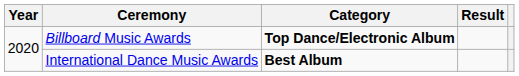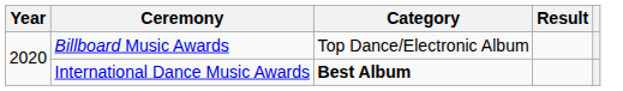 <table class="wikitable plainrowheaders">
 <tr>
 <th scope="col">Year</th>
 <th scope="col">Ceremony</th>
 <th scope="col">Category</th>
 <th scope="col">Result</th>
 <th scope="col"></th>
 </tr>
 <tr>
 <td rowspan="2">2020</td>
 <td><a href='#'><em>Billboard</em> Music Awards</a></td>
-<td><strong>Top Dance/Electronic Album</strong></td>
+<td>Top Dance/Electronic Album</td>
 <td></td>
 <th></th>
 </tr>
 <tr>
 <td><a href='#'>International Dance Music Awards</a></td>
 <td><strong>Best Album</strong></td>
 <td></td>
 <th></th>
 </tr>
 </table>
